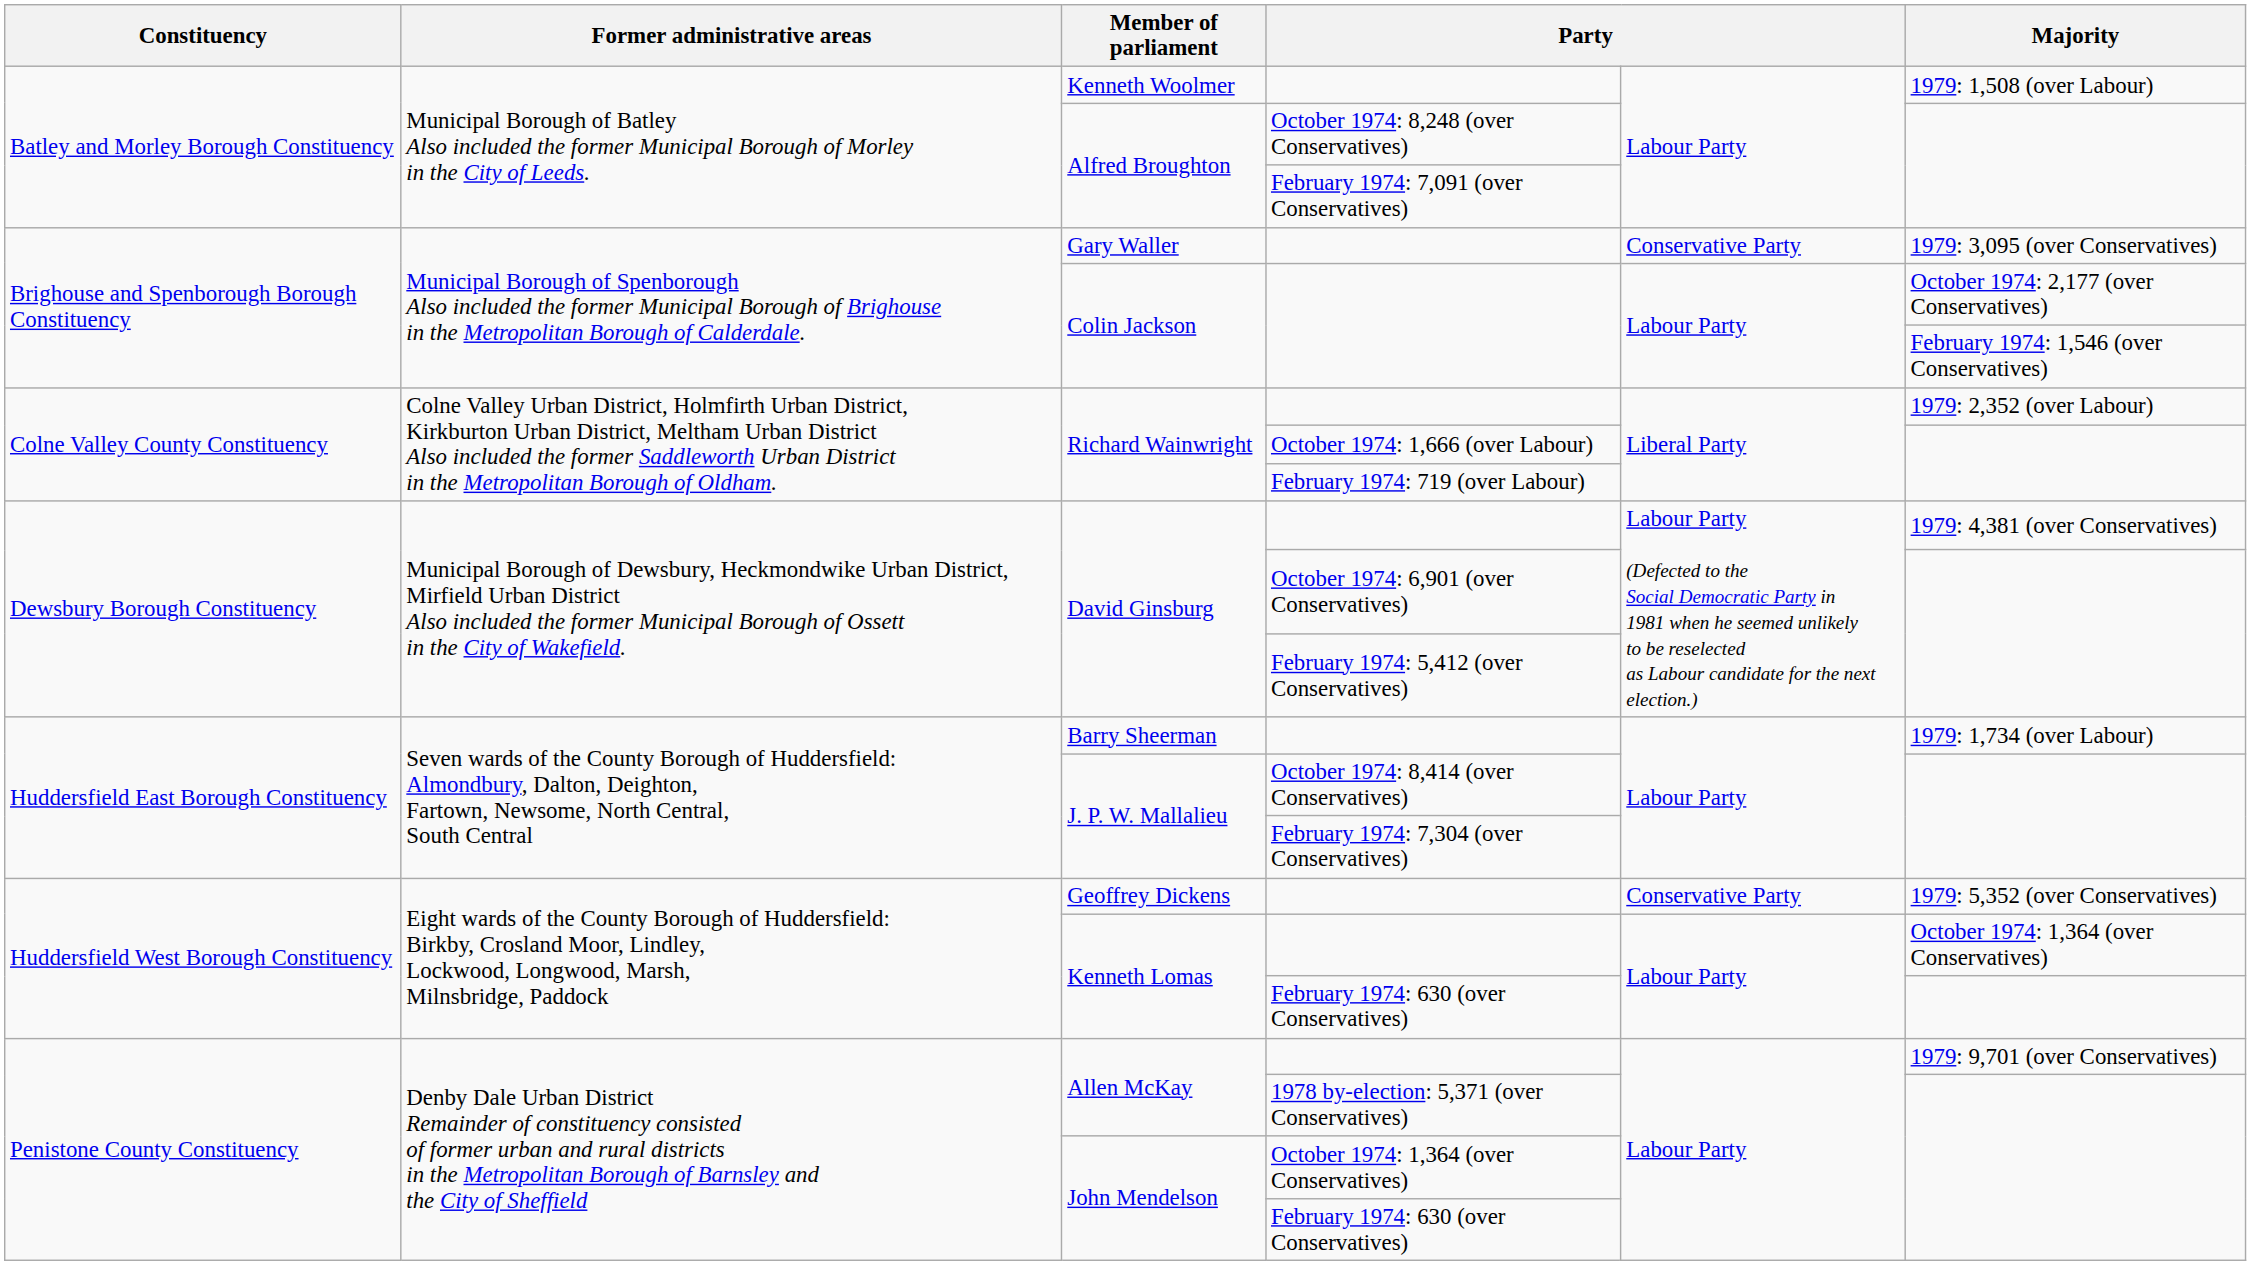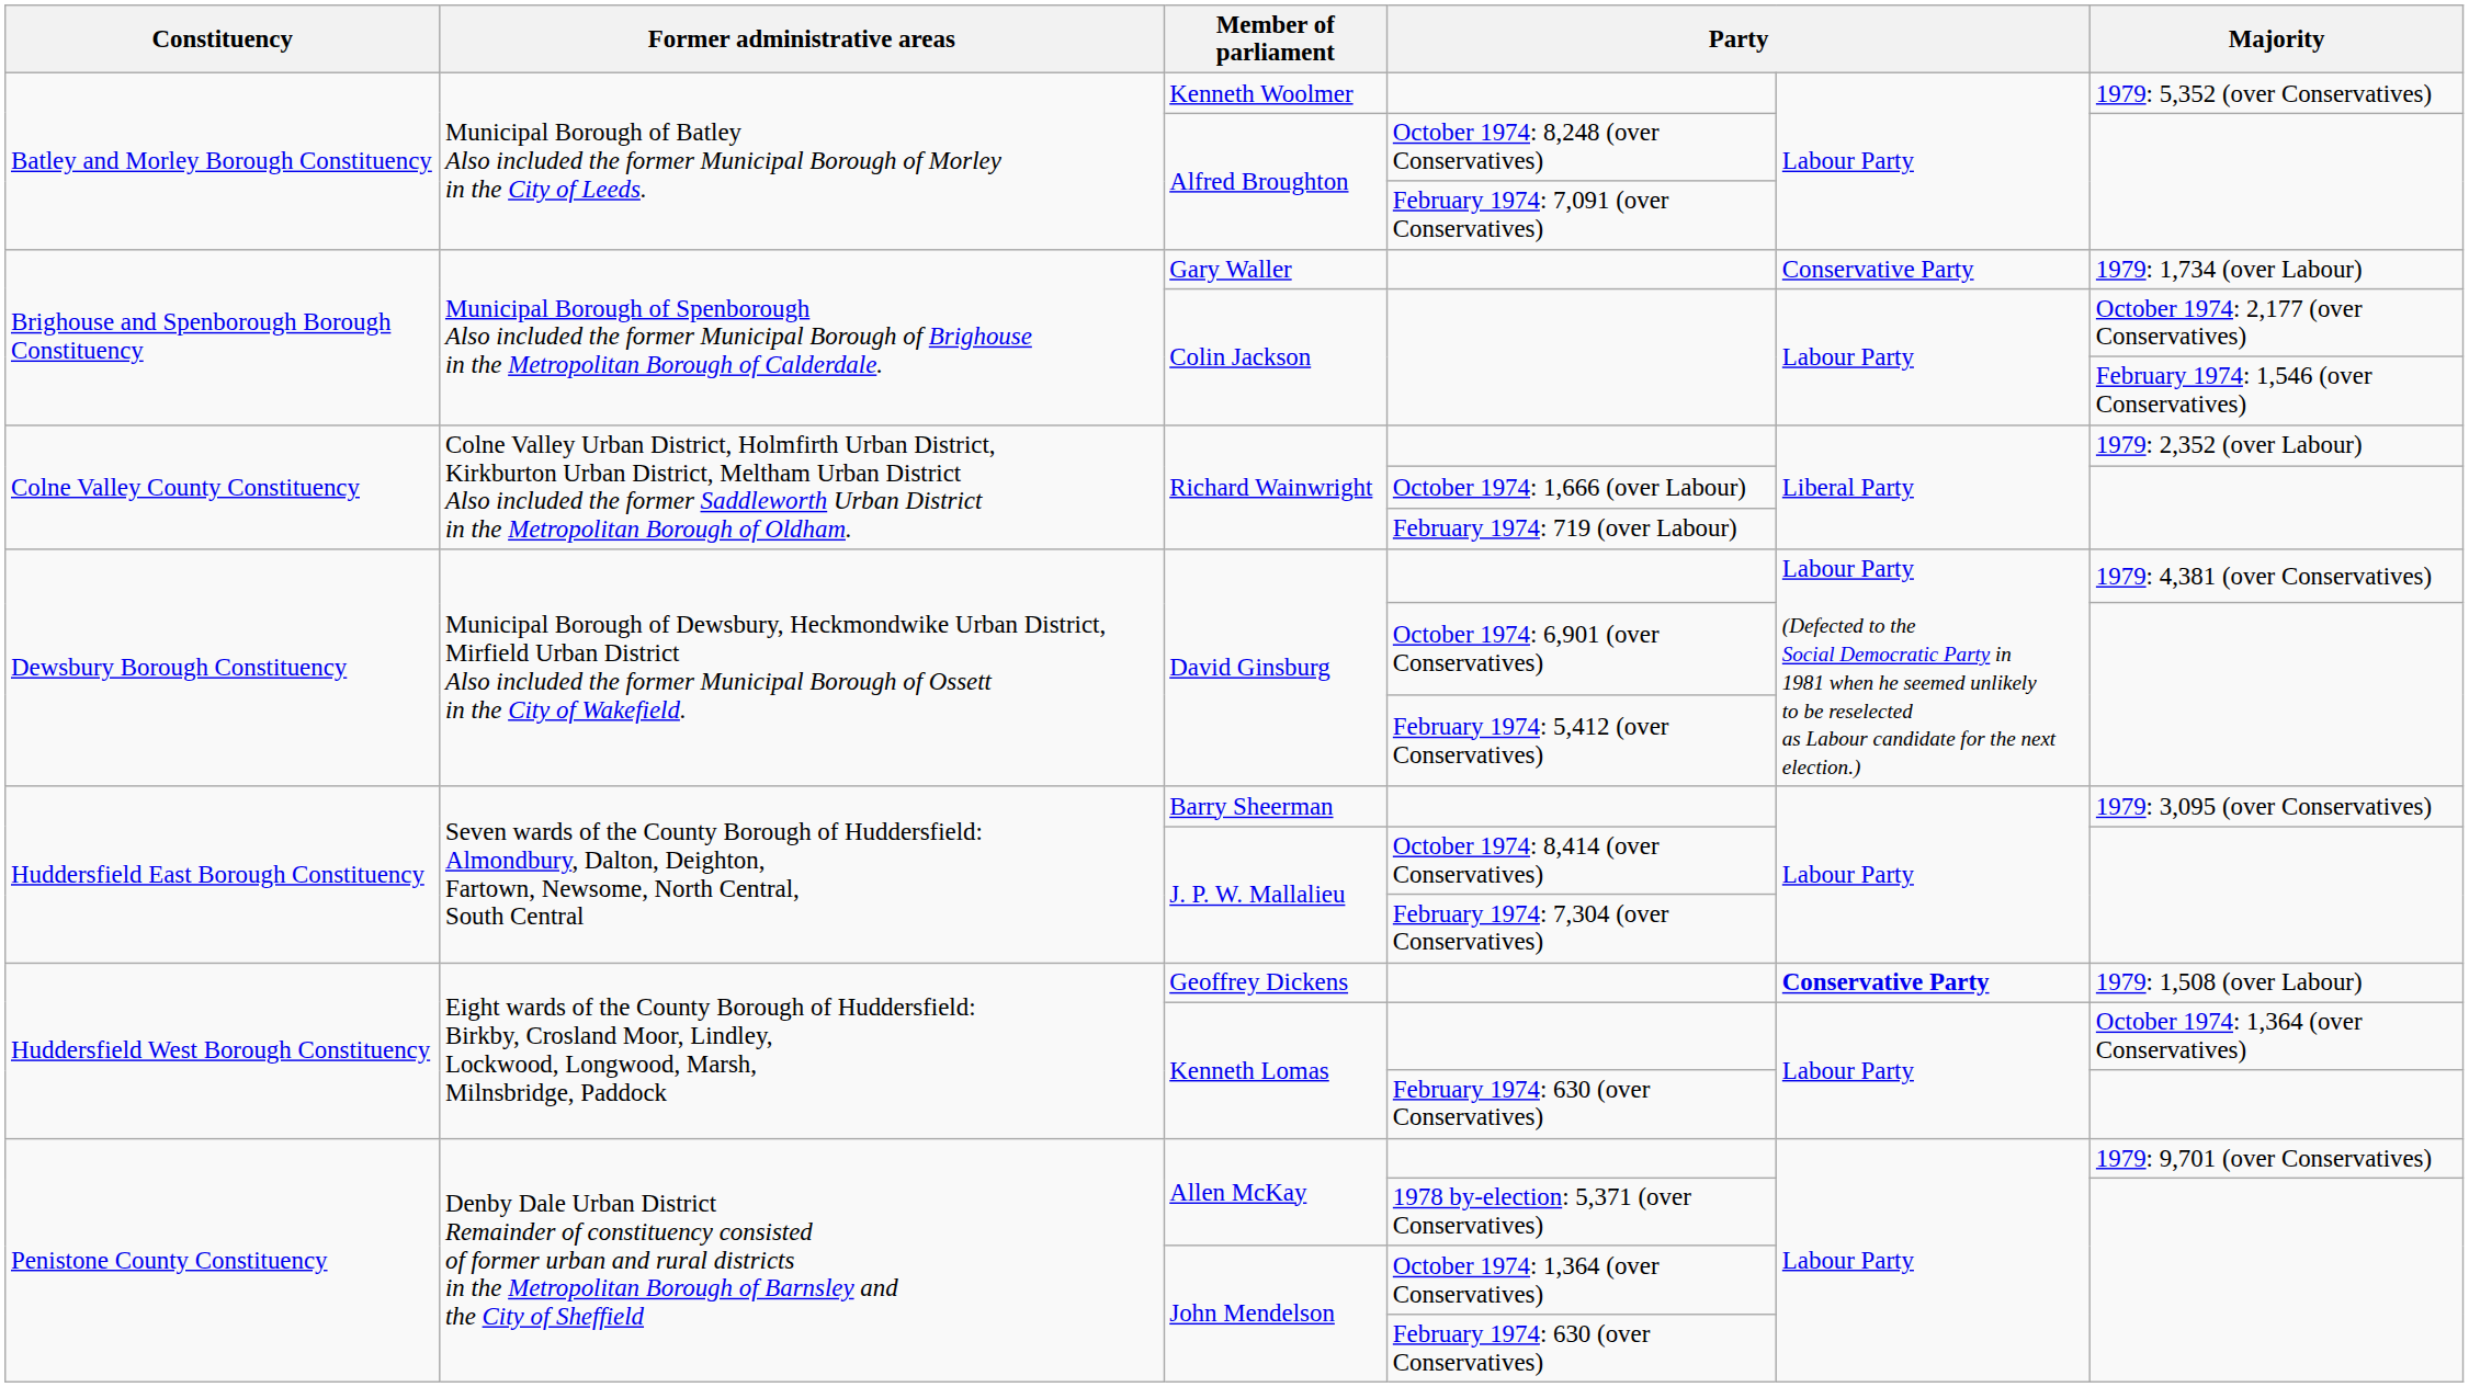 <table class="wikitable">
 <tr>
 <th>Constituency</th>
 <th>Former administrative areas</th>
 <th>Member of parliament</th>
 <th colspan=2>Party</th>
 <th>Majority</th>
 </tr>
 <tr>
 <td rowspan=3><a href='#'>Batley and Morley Borough Constituency</a></td>
 <td rowspan=3>Municipal Borough of Batley<br> <em>Also included the former Municipal Borough of Morley <br>in the <a href='#'>City of Leeds</a>.</em></td>
 <td><a href='#'>Kenneth Woolmer</a></td>
 <td style="color:inherit;background:"></td>
 <td rowspan=3><a href='#'>Labour Party</a></td>
-<td><a href='#'>1979</a>: 1,508 (over Labour)</td>
+<td><a href='#'>1979</a>: 5,352 (over Conservatives)</td>
 </tr>
 <tr>
 <td rowspan=2><a href='#'>Alfred Broughton</a></td>
 <td><a href='#'>October 1974</a>: 8,248 (over Conservatives)</td>
 </tr>
 <tr>
 <td><a href='#'>February 1974</a>: 7,091 (over Conservatives)</td>
 </tr>
 <tr>
 <td rowspan=3><a href='#'>Brighouse and Spenborough Borough Constituency</a></td>
 <td rowspan=3><a href='#'>Municipal Borough of Spenborough</a><br> <em>Also included the former Municipal Borough of <a href='#'>Brighouse</a> <br>in the <a href='#'>Metropolitan Borough of Calderdale</a>.</em></td>
 <td><a href='#'>Gary Waller</a></td>
 <td style="color:inherit;background:"></td>
 <td><a href='#'>Conservative Party</a></td>
-<td><a href='#'>1979</a>: 3,095 (over Conservatives)</td>
+<td><a href='#'>1979</a>: 1,734 (over Labour)</td>
 </tr>
 <tr>
 <td rowspan=2><a href='#'>Colin Jackson</a></td>
 <td rowspan=2 style="color:inherit;background:"></td>
 <td rowspan=2><a href='#'>Labour Party</a></td>
 <td><a href='#'>October 1974</a>: 2,177 (over Conservatives)</td>
 </tr>
 <tr>
 <td><a href='#'>February 1974</a>: 1,546 (over Conservatives)</td>
 </tr>
 <tr>
 <td rowspan=3><a href='#'>Colne Valley County Constituency</a></td>
 <td rowspan=3>Colne Valley Urban District, Holmfirth Urban District,<br>Kirkburton Urban District, Meltham Urban District<br> <em>Also included the former <a href='#'>Saddleworth</a> Urban District <br>in the <a href='#'>Metropolitan Borough of Oldham</a>.</em></td>
 <td rowspan=3><a href='#'>Richard Wainwright</a></td>
 <td style="color:inherit;background:"></td>
 <td rowspan=3><a href='#'>Liberal Party</a></td>
 <td><a href='#'>1979</a>: 2,352 (over Labour)</td>
 </tr>
 <tr>
 <td><a href='#'>October 1974</a>: 1,666 (over Labour)</td>
 </tr>
 <tr>
 <td><a href='#'>February 1974</a>: 719 (over Labour)</td>
 </tr>
 <tr>
 <td rowspan=3><a href='#'>Dewsbury Borough Constituency</a></td>
 <td rowspan=3>Municipal Borough of Dewsbury, Heckmondwike Urban District, Mirfield Urban District <br><em>Also included the former Municipal Borough of Ossett<br>in the <a href='#'>City of Wakefield</a>.</em></td>
 <td rowspan=3><a href='#'>David Ginsburg</a></td>
 <td style="color:inherit;background:"></td>
 <td rowspan=3><a href='#'>Labour Party</a><br><br><small><em>(Defected to the <br><a href='#'>Social Democratic Party</a> in <br>1981 when he seemed unlikely<br> to be reselected<br> as Labour candidate for the next election.)</em></small></td>
 <td><a href='#'>1979</a>: 4,381 (over Conservatives)</td>
 </tr>
 <tr>
 <td><a href='#'>October 1974</a>: 6,901 (over Conservatives)</td>
 </tr>
 <tr>
 <td><a href='#'>February 1974</a>: 5,412 (over Conservatives)</td>
 </tr>
 <tr>
 <td rowspan=3><a href='#'>Huddersfield East Borough Constituency</a></td>
 <td rowspan=3>Seven wards of the County Borough of Huddersfield: <br><a href='#'>Almondbury</a>, Dalton, Deighton,<br> Fartown, Newsome, North Central,<br> South Central</td>
 <td><a href='#'>Barry Sheerman</a></td>
 <td style="color:inherit;background:"></td>
 <td rowspan=3><a href='#'>Labour Party</a></td>
-<td><a href='#'>1979</a>: 1,734 (over Labour)</td>
+<td><a href='#'>1979</a>: 3,095 (over Conservatives)</td>
 </tr>
 <tr>
 <td rowspan=2><a href='#'>J. P. W. Mallalieu</a></td>
 <td><a href='#'>October 1974</a>: 8,414 (over Conservatives)</td>
 </tr>
 <tr>
 <td><a href='#'>February 1974</a>: 7,304 (over Conservatives)</td>
 </tr>
 <tr>
 <td rowspan=3><a href='#'>Huddersfield West Borough Constituency</a></td>
 <td rowspan=3>Eight wards of the County Borough of Huddersfield: <br>Birkby, Crosland Moor, Lindley,<br> Lockwood, Longwood, Marsh,<br> Milnsbridge, Paddock</td>
 <td><a href='#'>Geoffrey Dickens</a></td>
 <td style="color:inherit;background:"></td>
-<td><a href='#'>Conservative Party</a></td>
-<td><a href='#'>1979</a>: 5,352 (over Conservatives)</td>
+<td><strong><a href='#'>Conservative Party</a></strong></td>
+<td><a href='#'>1979</a>: 1,508 (over Labour)</td>
 </tr>
 <tr>
 <td rowspan=2><a href='#'>Kenneth Lomas</a></td>
 <td style="color:inherit;background:"></td>
 <td rowspan=2><a href='#'>Labour Party</a></td>
 <td><a href='#'>October 1974</a>: 1,364 (over Conservatives)</td>
 </tr>
 <tr>
 <td><a href='#'>February 1974</a>: 630 (over Conservatives)</td>
 </tr>
 <tr>
 <td rowspan=4><a href='#'>Penistone County Constituency</a></td>
 <td rowspan=4>Denby Dale Urban District<br> <em>Remainder of constituency consisted<br> of former urban and rural districts<br> in the <a href='#'>Metropolitan Borough of Barnsley</a> and<br> the <a href='#'>City of Sheffield</a></em></td>
 <td rowspan=2><a href='#'>Allen McKay</a></td>
 <td style="color:inherit;background:"></td>
 <td rowspan=4><a href='#'>Labour Party</a></td>
 <td><a href='#'>1979</a>: 9,701 (over Conservatives)</td>
 </tr>
 <tr>
 <td><a href='#'>1978 by-election</a>: 5,371 (over Conservatives)</td>
 </tr>
 <tr>
 <td rowspan=2><a href='#'>John Mendelson</a></td>
 <td><a href='#'>October 1974</a>: 1,364 (over Conservatives)</td>
 </tr>
 <tr>
 <td><a href='#'>February 1974</a>: 630 (over Conservatives)</td>
 </tr>
 </table>
